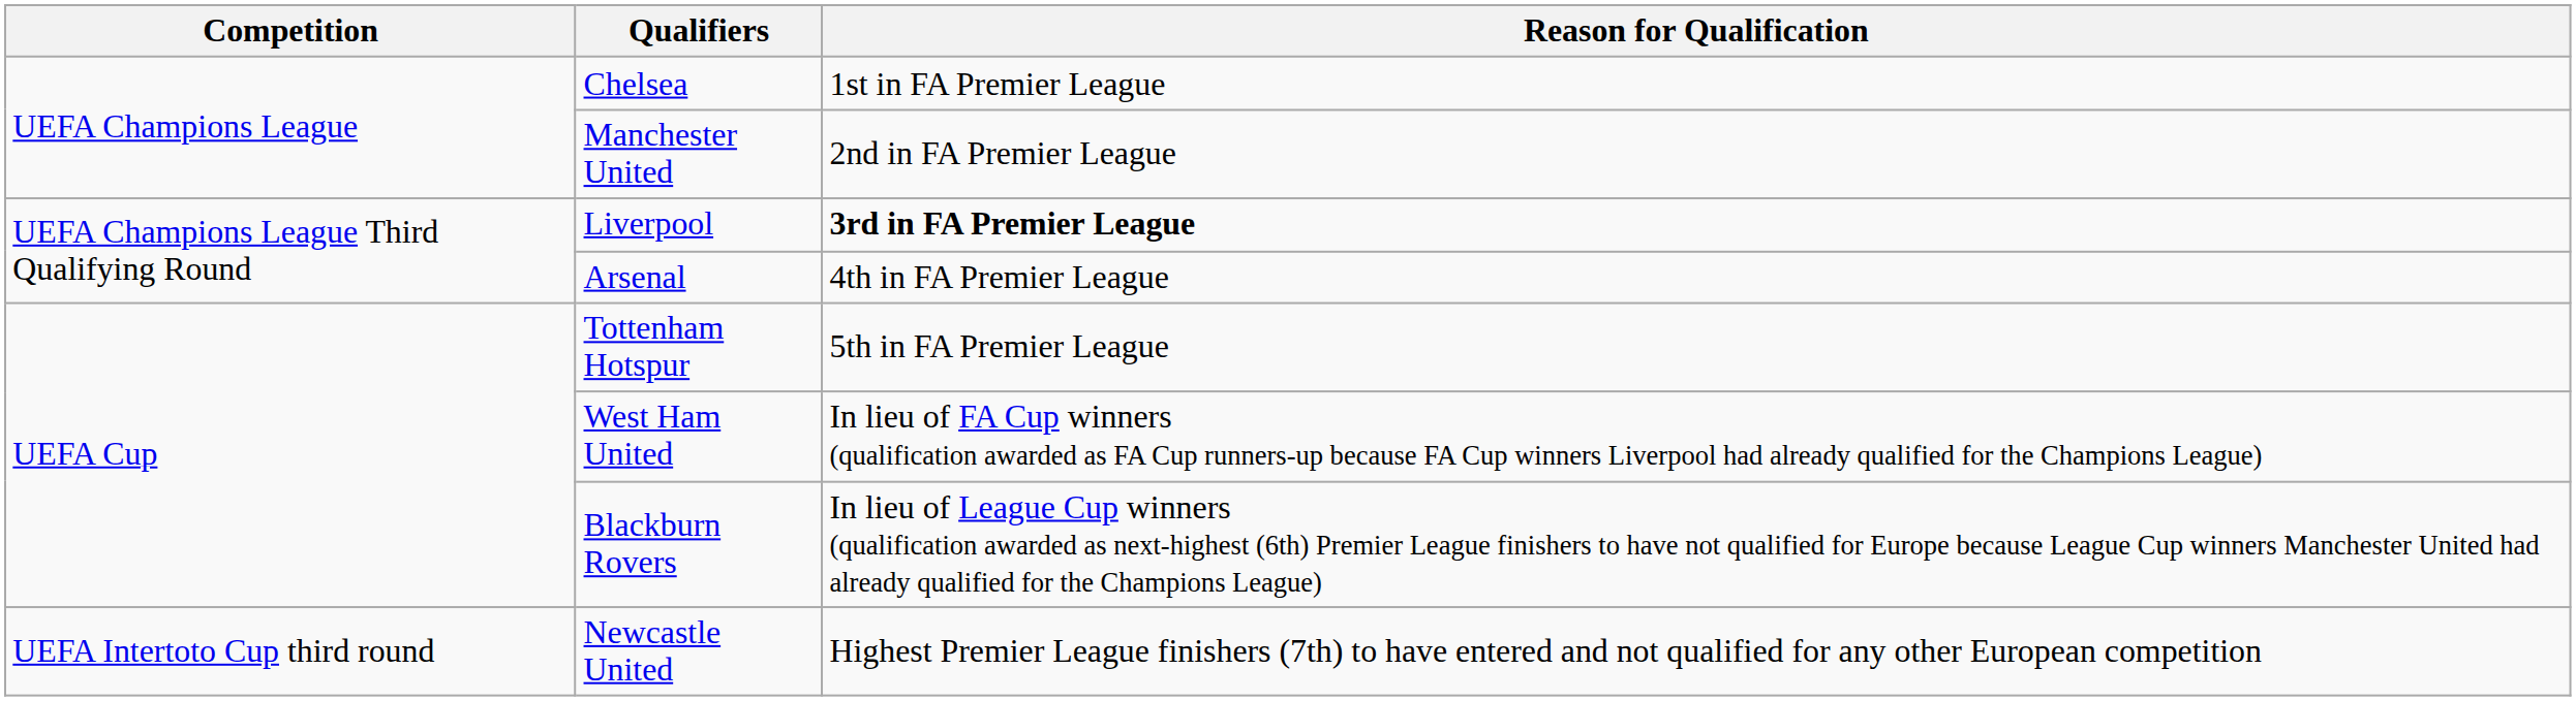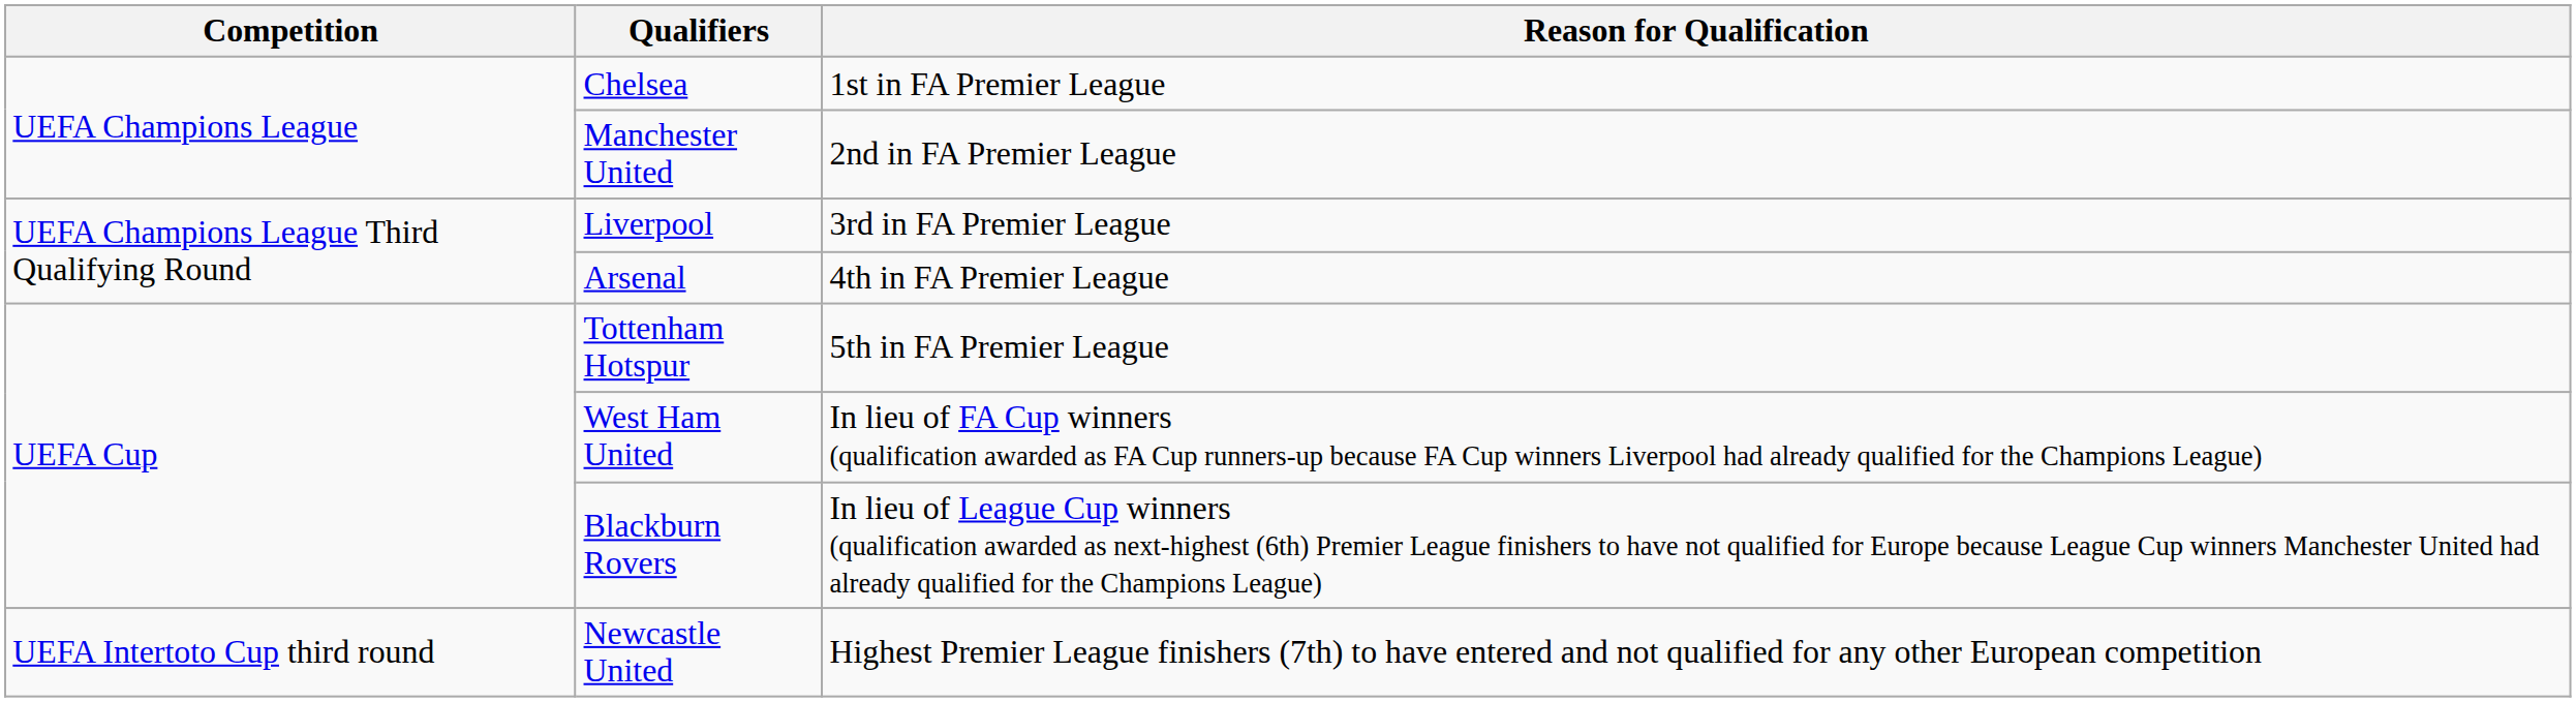 <table class="wikitable">
 <tr>
 <th>Competition</th>
 <th>Qualifiers</th>
 <th>Reason for Qualification</th>
 </tr>
 <tr>
 <td rowspan="2"><a href='#'>UEFA Champions League</a></td>
 <td><a href='#'>Chelsea</a></td>
 <td>1st in FA Premier League</td>
 </tr>
 <tr>
 <td><a href='#'>Manchester United</a></td>
 <td>2nd in FA Premier League</td>
 </tr>
 <tr>
 <td rowspan="2"><a href='#'>UEFA Champions League</a> Third Qualifying Round</td>
 <td><a href='#'>Liverpool</a></td>
-<td><strong>3rd in FA Premier League</strong></td>
+<td>3rd in FA Premier League</td>
 </tr>
 <tr>
 <td><a href='#'>Arsenal</a></td>
 <td>4th in FA Premier League</td>
 </tr>
 <tr>
 <td rowspan="3"><a href='#'>UEFA Cup</a></td>
 <td><a href='#'>Tottenham Hotspur</a></td>
 <td>5th in FA Premier League</td>
 </tr>
 <tr>
 <td><a href='#'>West Ham United</a></td>
 <td>In lieu of <a href='#'>FA Cup</a> winners<br><small>(qualification awarded as FA Cup runners-up because FA Cup winners Liverpool had already qualified for the Champions League)</small></td>
 </tr>
 <tr>
 <td><a href='#'>Blackburn Rovers</a></td>
 <td>In lieu of <a href='#'>League Cup</a> winners<br><small>(qualification awarded as next-highest (6th) Premier League finishers to have not qualified for Europe because League Cup winners Manchester United had already qualified for the Champions League)</small></td>
 </tr>
 <tr>
 <td><a href='#'>UEFA Intertoto Cup</a> third round</td>
 <td><a href='#'>Newcastle United</a></td>
 <td>Highest Premier League finishers (7th) to have entered and not qualified for any other European competition</td>
 </tr>
 </table>
